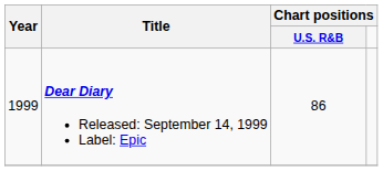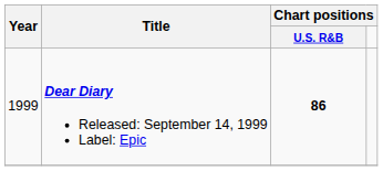 <table class="wikitable">
 <tr>
 <th rowspan="2">Year</th>
 <th rowspan="2">Title</th>
 <th colspan="2">Chart positions</th>
 </tr>
 <tr>
 <th><small><a href='#'>U.S. R&B</a></small></th>
 <td></td>
 </tr>
 <tr>
 <td>1999</td>
 <td><br><h4><em><a href='#'>Dear Diary</a></em></h4><ul><li>Released: September 14, 1999</li><li>Label: <a href='#'>Epic</a></li></ul></td>
-<td align="center">86</td>
+<td align="center"><strong>86</strong></td>
 <td></td>
 </tr>
 <tr>
 </tr>
 </table>
